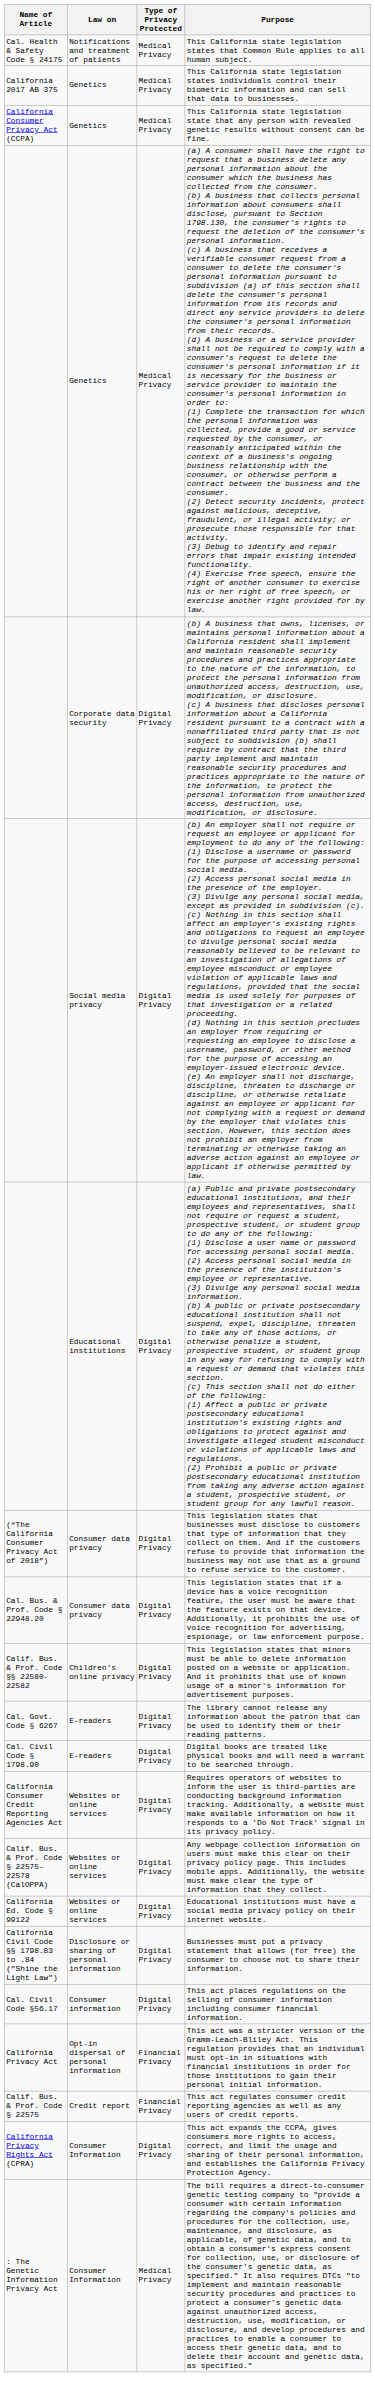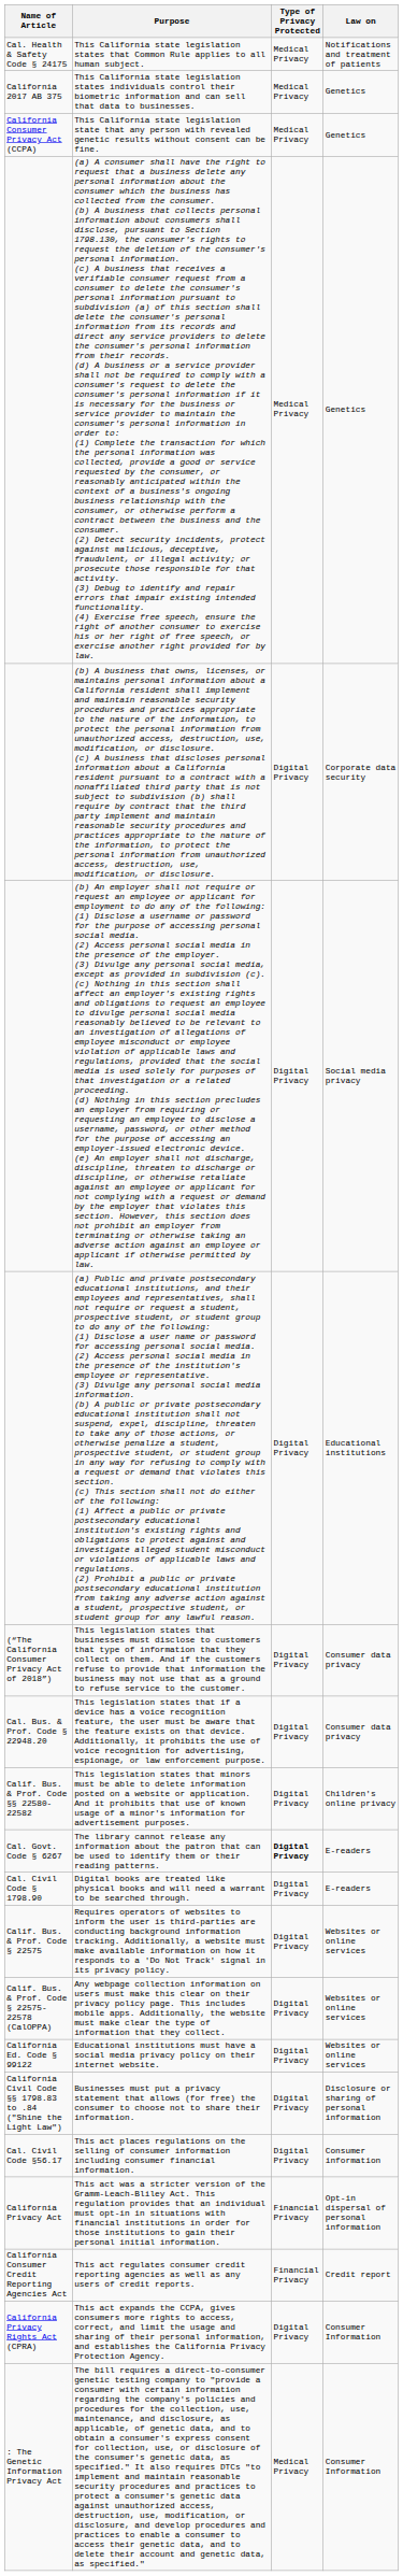 <table class="wikitable">
 <tr>
 <th>Name of Article</th>
+<th>Purpose</th>
+<th>Type of Privacy Protected</th>
 <th>Law on</th>
-<th>Type of Privacy Protected</th>
-<th>Purpose</th>
 </tr>
 <tr>
 <td>Cal. Health & Safety Code § 24175</td>
+<td>This California state legislation states that Common Rule applies to all human subject.</td>
+<td>Medical Privacy</td>
 <td>Notifications and treatment of patients</td>
-<td>Medical Privacy</td>
-<td>This California state legislation states that Common Rule applies to all human subject.</td>
 </tr>
 <tr>
 <td>California 2017 AB 375</td>
+<td>This California state legislation states individuals control their biometric information and can sell that data to businesses.</td>
+<td>Medical Privacy</td>
 <td>Genetics</td>
-<td>Medical Privacy</td>
-<td>This California state legislation states individuals control their biometric information and can sell that data to businesses.</td>
 </tr>
 <tr>
 <td><a href='#'>California Consumer Privacy Act</a> (CCPA)</td>
+<td>This California state legislation state that any person with revealed genetic results without consent can be fine.</td>
+<td>Medical Privacy</td>
 <td>Genetics</td>
-<td>Medical Privacy</td>
-<td>This California state legislation state that any person with revealed genetic results without consent can be fine.</td>
 </tr>
 <tr>
 <td></td>
+<td><em>(a) A consumer shall have the right to request that a business delete any personal information about the consumer which the business has collected from the consumer.</em><br><em>(b) A business that collects personal information about consumers shall disclose, pursuant to Section 1798.130, the consumer's rights to request the deletion of the consumer's personal information.</em><br><em>(c) A business that receives a verifiable consumer request from a consumer to delete the consumer's personal information pursuant to subdivision (a) of this section shall delete the consumer's personal information from its records and direct any service providers to delete the consumer's personal information from their records.</em><br><em>(d) A business or a service provider shall not be required to comply with a consumer's request to delete the consumer's personal information if it is necessary for the business or service provider to maintain the consumer's personal information in order to:</em><br><em>(1) Complete the transaction for which the personal information was collected, provide a good or service requested by the consumer, or reasonably anticipated within the context of a business's ongoing business relationship with the consumer, or otherwise perform a contract between the business and the consumer.</em><br><em>(2) Detect security incidents, protect against malicious, deceptive, fraudulent, or illegal activity; or prosecute those responsible for that activity.</em><br><em>(3) Debug to identify and repair errors that impair existing intended functionality.</em><br><em>(4) Exercise free speech, ensure the right of another consumer to exercise his or her right of free speech, or exercise another right provided for by law.</em></td>
+<td>Medical Privacy</td>
 <td>Genetics</td>
-<td>Medical Privacy</td>
-<td><em>(a) A consumer shall have the right to request that a business delete any personal information about the consumer which the business has collected from the consumer.</em><br><em>(b) A business that collects personal information about consumers shall disclose, pursuant to Section 1798.130, the consumer's rights to request the deletion of the consumer's personal information.</em><br><em>(c) A business that receives a verifiable consumer request from a consumer to delete the consumer's personal information pursuant to subdivision (a) of this section shall delete the consumer's personal information from its records and direct any service providers to delete the consumer's personal information from their records.</em><br><em>(d) A business or a service provider shall not be required to comply with a consumer's request to delete the consumer's personal information if it is necessary for the business or service provider to maintain the consumer's personal information in order to:</em><br><em>(1) Complete the transaction for which the personal information was collected, provide a good or service requested by the consumer, or reasonably anticipated within the context of a business's ongoing business relationship with the consumer, or otherwise perform a contract between the business and the consumer.</em><br><em>(2) Detect security incidents, protect against malicious, deceptive, fraudulent, or illegal activity; or prosecute those responsible for that activity.</em><br><em>(3) Debug to identify and repair errors that impair existing intended functionality.</em><br><em>(4) Exercise free speech, ensure the right of another consumer to exercise his or her right of free speech, or exercise another right provided for by law.</em></td>
 </tr>
 <tr>
 <td></td>
+<td><em>(b) A business that owns, licenses, or maintains personal information about a California resident shall implement and maintain reasonable security procedures and practices appropriate to the nature of the information, to protect the personal information from unauthorized access, destruction, use, modification, or disclosure.</em><br><em>(c) A business that discloses personal information about a California resident pursuant to a contract with a nonaffiliated third party that is not subject to subdivision (b) shall require by contract that the third party implement and maintain reasonable security procedures and practices appropriate to the nature of the information, to protect the personal information from unauthorized access, destruction, use, modification, or disclosure.</em></td>
+<td>Digital Privacy</td>
 <td>Corporate data security</td>
-<td>Digital Privacy</td>
-<td><em>(b) A business that owns, licenses, or maintains personal information about a California resident shall implement and maintain reasonable security procedures and practices appropriate to the nature of the information, to protect the personal information from unauthorized access, destruction, use, modification, or disclosure.</em><br><em>(c) A business that discloses personal information about a California resident pursuant to a contract with a nonaffiliated third party that is not subject to subdivision (b) shall require by contract that the third party implement and maintain reasonable security procedures and practices appropriate to the nature of the information, to protect the personal information from unauthorized access, destruction, use, modification, or disclosure.</em></td>
 </tr>
 <tr>
 <td></td>
+<td><em>(b) An employer shall not require or request an employee or applicant for employment to do any of the following:</em><br><em>(1) Disclose a username or password for the purpose of accessing personal social media.</em><br><em>(2) Access personal social media in the presence of the employer.</em><br><em>(3) Divulge any personal social media, except as provided in subdivision (c).</em><br><em>(c) Nothing in this section shall affect an employer's existing rights and obligations to request an employee to divulge personal social media reasonably believed to be relevant to an investigation of allegations of employee misconduct or employee violation of applicable laws and regulations, provided that the social media is used solely for purposes of that investigation or a related proceeding.</em><br><em>(d) Nothing in this section precludes an employer from requiring or requesting an employee to disclose a username, password, or other method for the purpose of accessing an employer-issued electronic device.</em><br><em>(e) An employer shall not discharge, discipline, threaten to discharge or discipline, or otherwise retaliate against an employee or applicant for not complying with a request or demand by the employer that violates this section. However, this section does not prohibit an employer from terminating or otherwise taking an adverse action against an employee or applicant if otherwise permitted by law.</em></td>
+<td>Digital Privacy</td>
 <td>Social media privacy</td>
-<td>Digital Privacy</td>
-<td><em>(b) An employer shall not require or request an employee or applicant for employment to do any of the following:</em><br><em>(1) Disclose a username or password for the purpose of accessing personal social media.</em><br><em>(2) Access personal social media in the presence of the employer.</em><br><em>(3) Divulge any personal social media, except as provided in subdivision (c).</em><br><em>(c) Nothing in this section shall affect an employer's existing rights and obligations to request an employee to divulge personal social media reasonably believed to be relevant to an investigation of allegations of employee misconduct or employee violation of applicable laws and regulations, provided that the social media is used solely for purposes of that investigation or a related proceeding.</em><br><em>(d) Nothing in this section precludes an employer from requiring or requesting an employee to disclose a username, password, or other method for the purpose of accessing an employer-issued electronic device.</em><br><em>(e) An employer shall not discharge, discipline, threaten to discharge or discipline, or otherwise retaliate against an employee or applicant for not complying with a request or demand by the employer that violates this section. However, this section does not prohibit an employer from terminating or otherwise taking an adverse action against an employee or applicant if otherwise permitted by law.</em></td>
 </tr>
 <tr>
 <td></td>
+<td><em>(a) Public and private postsecondary educational institutions, and their employees and representatives, shall not require or request a student, prospective student, or student group to do any of the following:</em><br><em>(1) Disclose a user name or password for accessing personal social media.</em><br><em>(2) Access personal social media in the presence of the institution's employee or representative.</em><br><em>(3) Divulge any personal social media information.</em><br><em>(b) A public or private postsecondary educational institution shall not suspend, expel, discipline, threaten to take any of those actions, or otherwise penalize a student, prospective student, or student group in any way for refusing to comply with a request or demand that violates this section.</em><br><em>(c) This section shall not do either of the following:</em><br><em>(1) Affect a public or private postsecondary educational institution's existing rights and obligations to protect against and investigate alleged student misconduct or violations of applicable laws and regulations.</em><br><em>(2) Prohibit a public or private postsecondary educational institution from taking any adverse action against a student, prospective student, or student group for any lawful reason.</em></td>
+<td>Digital Privacy</td>
 <td>Educational institutions</td>
-<td>Digital Privacy</td>
-<td><em>(a) Public and private postsecondary educational institutions, and their employees and representatives, shall not require or request a student, prospective student, or student group to do any of the following:</em><br><em>(1) Disclose a user name or password for accessing personal social media.</em><br><em>(2) Access personal social media in the presence of the institution's employee or representative.</em><br><em>(3) Divulge any personal social media information.</em><br><em>(b) A public or private postsecondary educational institution shall not suspend, expel, discipline, threaten to take any of those actions, or otherwise penalize a student, prospective student, or student group in any way for refusing to comply with a request or demand that violates this section.</em><br><em>(c) This section shall not do either of the following:</em><br><em>(1) Affect a public or private postsecondary educational institution's existing rights and obligations to protect against and investigate alleged student misconduct or violations of applicable laws and regulations.</em><br><em>(2) Prohibit a public or private postsecondary educational institution from taking any adverse action against a student, prospective student, or student group for any lawful reason.</em></td>
 </tr>
 <tr>
 <td> (“The California Consumer Privacy Act of 2018”)</td>
+<td>This legislation states that businesses must disclose to customers that type of information that they collect on them. And if the customers refuse to provide that information the business may not use that as a ground to refuse service to the customer.</td>
+<td>Digital Privacy</td>
 <td>Consumer data privacy</td>
-<td>Digital Privacy</td>
-<td>This legislation states that businesses must disclose to customers that type of information that they collect on them. And if the customers refuse to provide that information the business may not use that as a ground to refuse service to the customer.</td>
 </tr>
 <tr>
 <td>Cal. Bus. & Prof. Code § 22948.20</td>
+<td>This legislation states that if a device has a voice recognition feature, the user must be aware that the feature exists on that device. Additionally, it prohibits the use of voice recognition for advertising, espionage, or law enforcement purpose.</td>
+<td>Digital Privacy</td>
 <td>Consumer data privacy</td>
-<td>Digital Privacy</td>
-<td>This legislation states that if a device has a voice recognition feature, the user must be aware that the feature exists on that device. Additionally, it prohibits the use of voice recognition for advertising, espionage, or law enforcement purpose.</td>
 </tr>
 <tr>
 <td>Calif. Bus. & Prof. Code §§ 22580-22582</td>
+<td>This legislation states that minors must be able to delete information posted on a website or application. And it prohibits that use of known usage of a minor's information for advertisement purposes.</td>
+<td>Digital Privacy</td>
 <td>Children's online privacy</td>
-<td>Digital Privacy</td>
-<td>This legislation states that minors must be able to delete information posted on a website or application. And it prohibits that use of known usage of a minor's information for advertisement purposes.</td>
 </tr>
 <tr>
 <td>Cal. Govt. Code § 6267</td>
+<td>The library cannot release any information about the patron that can be used to identify them or their reading patterns.</td>
+<td><strong>Digital Privacy</strong></td>
 <td>E-readers</td>
-<td>Digital Privacy</td>
-<td>The library cannot release any information about the patron that can be used to identify them or their reading patterns.</td>
 </tr>
 <tr>
 <td>Cal. Civil Code § 1798.90</td>
+<td>Digital books are treated like physical books and will need a warrant to be searched through.</td>
+<td>Digital Privacy</td>
 <td>E-readers</td>
+</tr>
+<tr>
+<td>Calif. Bus. & Prof. Code § 22575</td>
+<td>Requires operators of websites to inform the user is third-parties are conducting background information tracking. Additionally, a website must make available information on how it responds to a 'Do Not Track' signal in its privacy policy.</td>
 <td>Digital Privacy</td>
-<td>Digital books are treated like physical books and will need a warrant to be searched through.</td>
+<td>Websites or online services</td>
+</tr>
+<tr>
+<td>Calif. Bus. & Prof. Code § 22575-22578 (CalOPPA)</td>
+<td>Any webpage collection information on users must make this clear on their privacy policy page. This includes mobile apps. Additionally, the website must make clear the type of information that they collect.</td>
+<td>Digital Privacy</td>
+<td>Websites or online services</td>
+</tr>
+<tr>
+<td>California Ed. Code § 99122</td>
+<td>Educational institutions must have a social media privacy policy on their internet website.</td>
+<td>Digital Privacy</td>
+<td>Websites or online services</td>
+</tr>
+<tr>
+<td>California Civil Code §§ 1798.83 to .84 ("Shine the Light Law")</td>
+<td>Businesses must put a privacy statement that allows (for free) the consumer to choose not to share their information.</td>
+<td>Digital Privacy</td>
+<td>Disclosure or sharing of personal information</td>
+</tr>
+<tr>
+<td>Cal. Civil Code §56.17</td>
+<td>This act places regulations on the selling of consumer information including consumer financial information.</td>
+<td>Digital Privacy</td>
+<td>Consumer information</td>
+</tr>
+<tr>
+<td>California Privacy Act</td>
+<td>This act was a stricter version of the Gramm-Leach-Bliley Act. This regulation provides that an individual must opt-in in situations with financial institutions in order for those institutions to gain their personal initial information.</td>
+<td>Financial Privacy</td>
+<td>Opt-in dispersal of personal information</td>
 </tr>
 <tr>
 <td>California Consumer Credit Reporting Agencies Act</td>
-<td>Websites or online services</td>
-<td>Digital Privacy</td>
-<td>Requires operators of websites to inform the user is third-parties are conducting background information tracking. Additionally, a website must make available information on how it responds to a 'Do Not Track' signal in its privacy policy.</td>
-</tr>
-<tr>
-<td>Calif. Bus. & Prof. Code § 22575-22578 (CalOPPA)</td>
-<td>Websites or online services</td>
-<td>Digital Privacy</td>
-<td>Any webpage collection information on users must make this clear on their privacy policy page. This includes mobile apps. Additionally, the website must make clear the type of information that they collect.</td>
-</tr>
-<tr>
-<td>California Ed. Code § 99122</td>
-<td>Websites or online services</td>
-<td>Digital Privacy</td>
-<td>Educational institutions must have a social media privacy policy on their internet website.</td>
-</tr>
-<tr>
-<td>California Civil Code §§ 1798.83 to .84 ("Shine the Light Law")</td>
-<td>Disclosure or sharing of personal information</td>
-<td>Digital Privacy</td>
-<td>Businesses must put a privacy statement that allows (for free) the consumer to choose not to share their information.</td>
-</tr>
-<tr>
-<td>Cal. Civil Code §56.17</td>
-<td>Consumer information</td>
-<td>Digital Privacy</td>
-<td>This act places regulations on the selling of consumer information including consumer financial information.</td>
-</tr>
-<tr>
-<td>California Privacy Act</td>
-<td>Opt-in dispersal of personal information</td>
+<td>This act regulates consumer credit reporting agencies as well as any users of credit reports.</td>
 <td>Financial Privacy</td>
-<td>This act was a stricter version of the Gramm-Leach-Bliley Act. This regulation provides that an individual must opt-in in situations with financial institutions in order for those institutions to gain their personal initial information.</td>
-</tr>
-<tr>
-<td>Calif. Bus. & Prof. Code § 22575</td>
 <td>Credit report</td>
-<td>Financial Privacy</td>
-<td>This act regulates consumer credit reporting agencies as well as any users of credit reports.</td>
 </tr>
 <tr>
 <td><a href='#'>California Privacy Rights Act</a> (CPRA)</td>
+<td>This act expands the CCPA, gives consumers more rights to access, correct, and limit the usage and sharing of their personal information, and establishes the California Privacy Protection Agency.</td>
+<td>Digital Privacy</td>
 <td>Consumer Information</td>
-<td>Digital Privacy</td>
-<td>This act expands the CCPA, gives consumers more rights to access, correct, and limit the usage and sharing of their personal information, and establishes the California Privacy Protection Agency.</td>
 </tr>
 <tr>
 <td>: The Genetic Information Privacy Act</td>
+<td>The bill requires a direct-to-consumer genetic testing company to "provide a consumer with certain information regarding the company's policies and procedures for the collection, use, maintenance, and disclosure, as applicable, of genetic data, and to obtain a consumer's express consent for collection, use, or disclosure of the consumer's genetic data, as specified." It also requires DTCs "to implement and maintain reasonable security procedures and practices to protect a consumer's genetic data against unauthorized access, destruction, use, modification, or disclosure, and develop procedures and practices to enable a consumer to access their genetic data, and to delete their account and genetic data, as specified."</td>
+<td>Medical Privacy</td>
 <td>Consumer Information</td>
-<td>Medical Privacy</td>
-<td>The bill requires a direct-to-consumer genetic testing company to "provide a consumer with certain information regarding the company's policies and procedures for the collection, use, maintenance, and disclosure, as applicable, of genetic data, and to obtain a consumer's express consent for collection, use, or disclosure of the consumer's genetic data, as specified." It also requires DTCs "to implement and maintain reasonable security procedures and practices to protect a consumer's genetic data against unauthorized access, destruction, use, modification, or disclosure, and develop procedures and practices to enable a consumer to access their genetic data, and to delete their account and genetic data, as specified."</td>
 </tr>
 </table>
